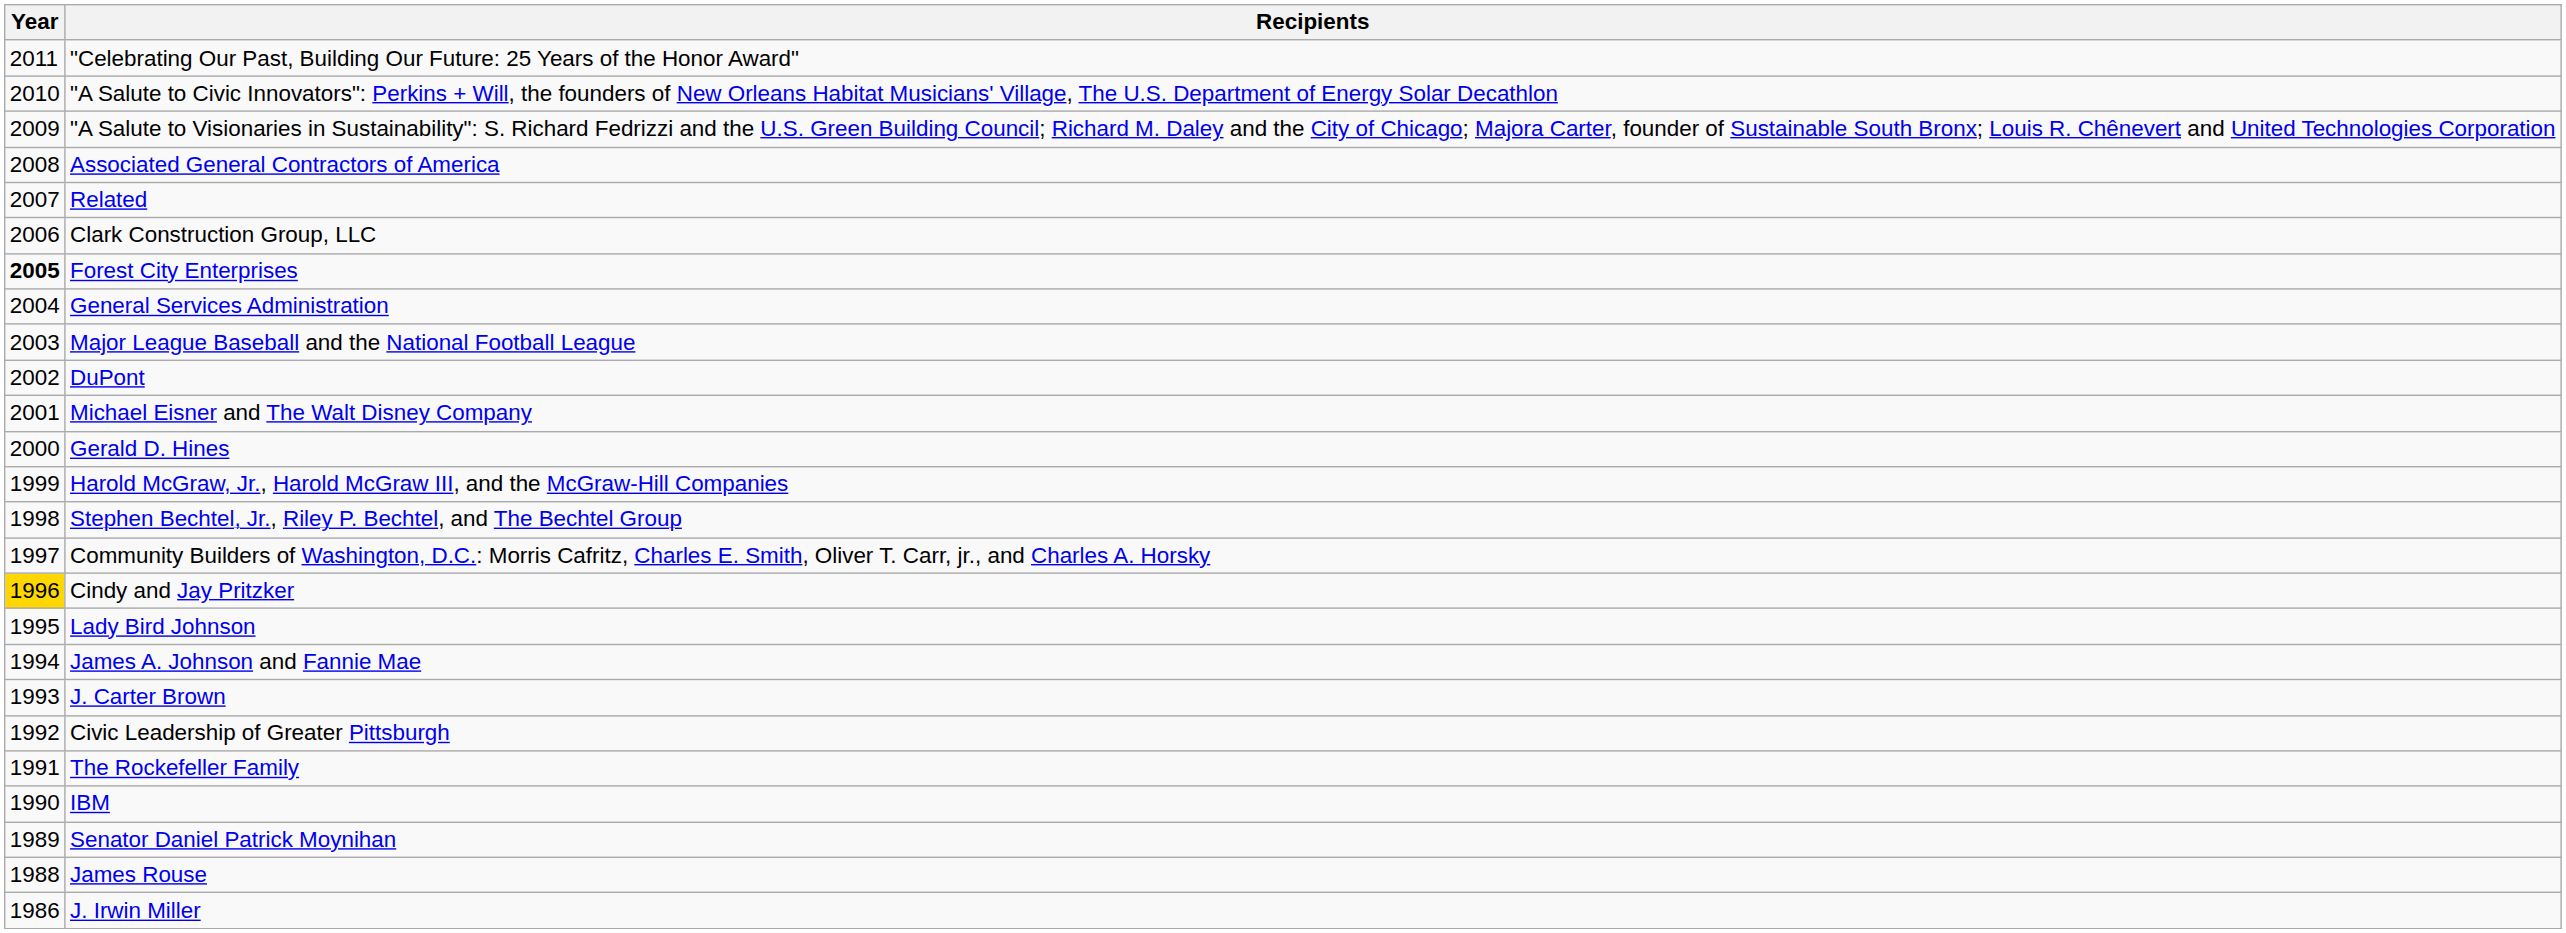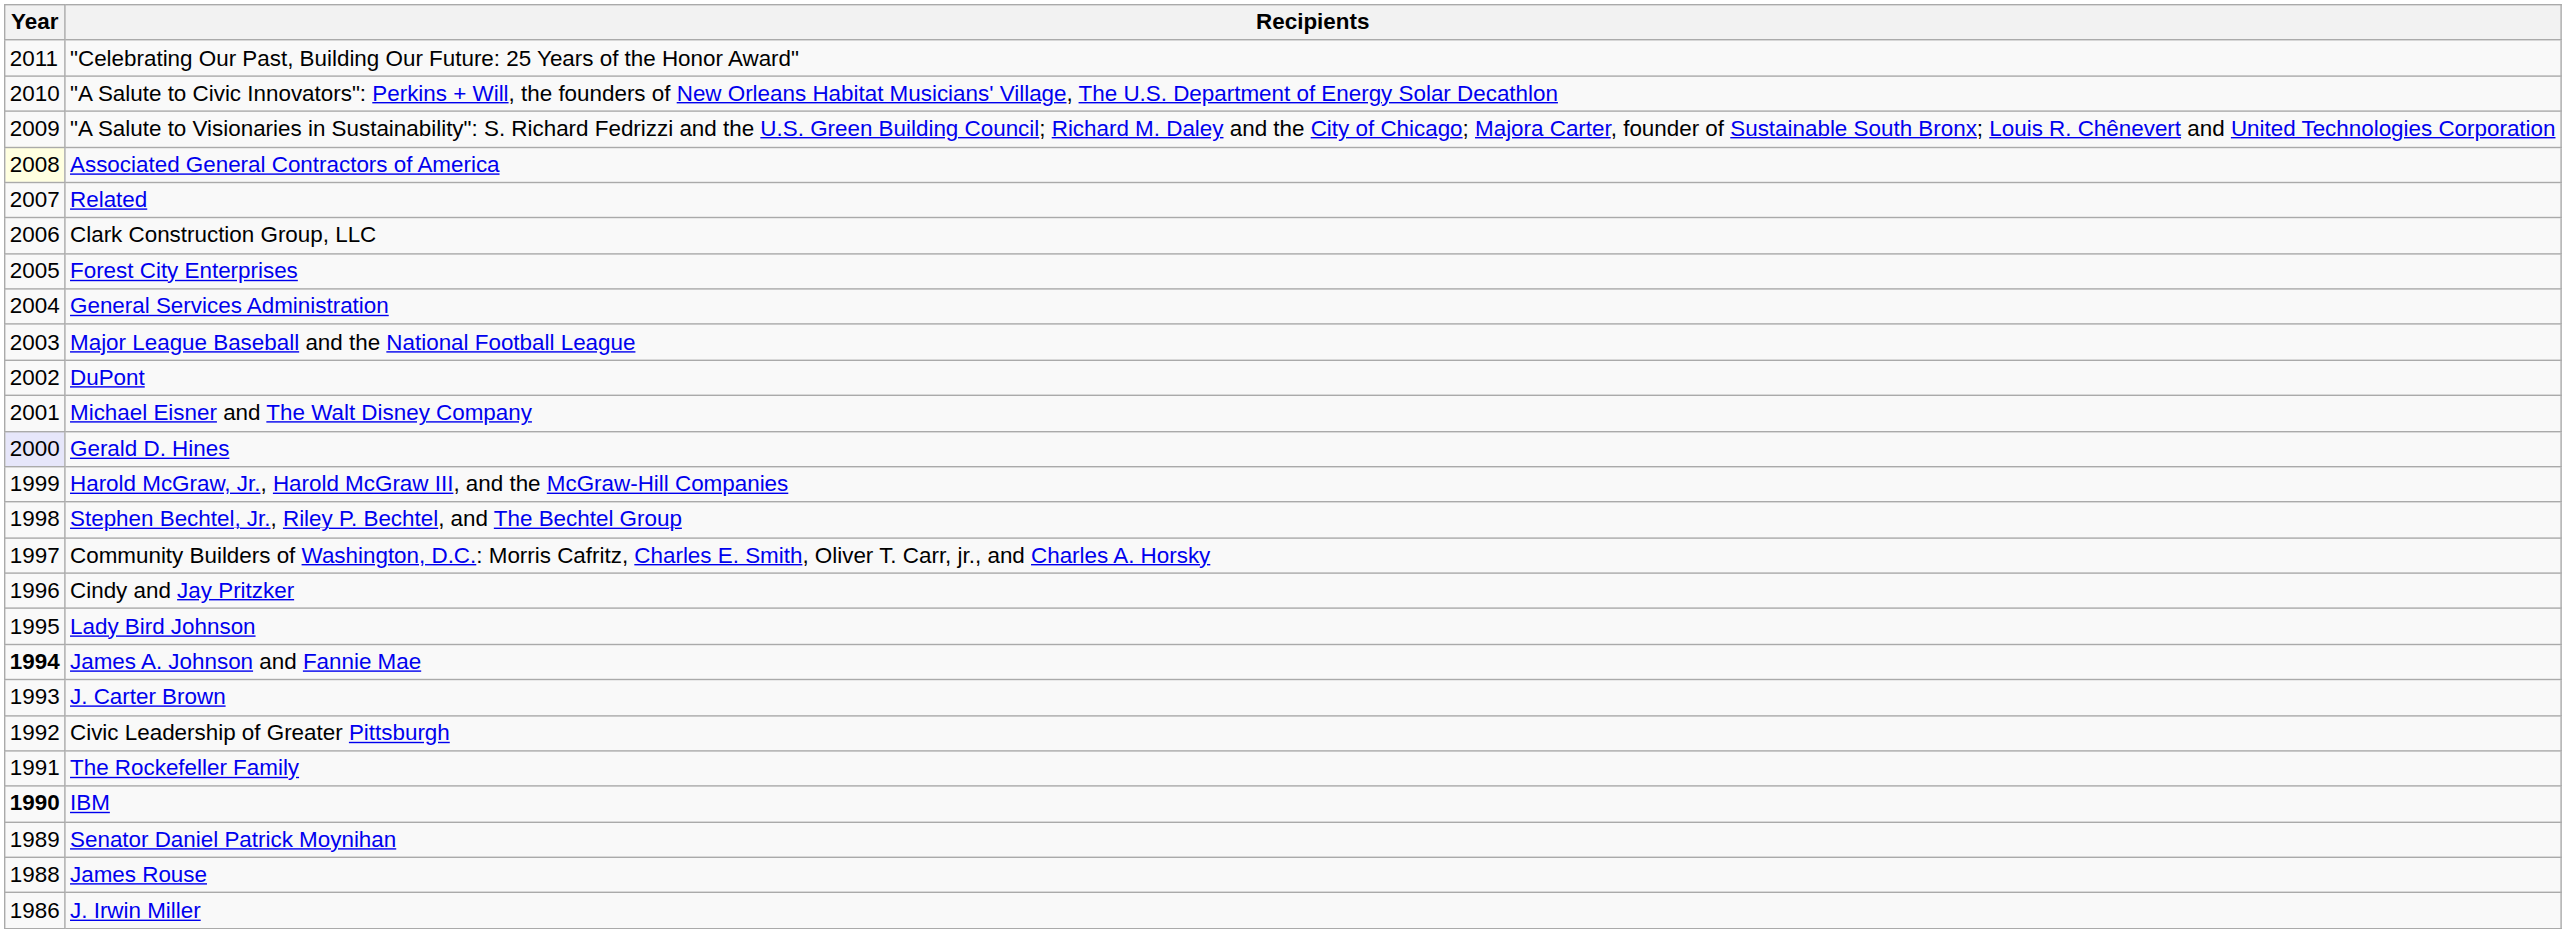 <table class="wikitable sortable">
 <tr>
 <th>Year</th>
 <th>Recipients</th>
 </tr>
 <tr>
 <td>2011</td>
 <td>"Celebrating Our Past, Building Our Future: 25 Years of the Honor Award"</td>
 </tr>
 <tr>
 <td>2010</td>
 <td>"A Salute to Civic Innovators": <a href='#'>Perkins + Will</a>, the founders of <a href='#'>New Orleans Habitat Musicians' Village</a>, <a href='#'>The U.S. Department of Energy Solar Decathlon</a></td>
 </tr>
 <tr>
 <td>2009</td>
 <td>"A Salute to Visionaries in Sustainability": S. Richard Fedrizzi and the <a href='#'>U.S. Green Building Council</a>; <a href='#'>Richard M. Daley</a> and the <a href='#'>City of Chicago</a>; <a href='#'>Majora Carter</a>, founder of <a href='#'>Sustainable South Bronx</a>; <a href='#'>Louis R. Chênevert</a> and <a href='#'>United Technologies Corporation</a></td>
 </tr>
 <tr>
-<td>2008</td>
+<td style="background: lightyellow;">2008</td>
 <td><a href='#'>Associated General Contractors of America</a></td>
 </tr>
 <tr>
 <td>2007</td>
 <td><a href='#'>Related</a></td>
 </tr>
 <tr>
 <td>2006</td>
 <td>Clark Construction Group, LLC</td>
 </tr>
 <tr>
-<td><strong>2005</strong></td>
+<td>2005</td>
 <td><a href='#'>Forest City Enterprises</a></td>
 </tr>
 <tr>
 <td>2004</td>
 <td><a href='#'>General Services Administration</a></td>
 </tr>
 <tr>
 <td>2003</td>
 <td><a href='#'>Major League Baseball</a> and the <a href='#'>National Football League</a></td>
 </tr>
 <tr>
 <td>2002</td>
 <td><a href='#'>DuPont</a></td>
 </tr>
 <tr>
 <td>2001</td>
 <td><a href='#'>Michael Eisner</a> and <a href='#'>The Walt Disney Company</a></td>
 </tr>
 <tr>
-<td>2000</td>
+<td style="background: lavender;">2000</td>
 <td><a href='#'>Gerald D. Hines</a></td>
 </tr>
 <tr>
 <td>1999</td>
 <td><a href='#'>Harold McGraw, Jr.</a>, <a href='#'>Harold McGraw III</a>, and the <a href='#'>McGraw-Hill Companies</a></td>
 </tr>
 <tr>
 <td>1998</td>
 <td><a href='#'>Stephen Bechtel, Jr.</a>, <a href='#'>Riley P. Bechtel</a>, and <a href='#'>The Bechtel Group</a></td>
 </tr>
 <tr>
 <td>1997</td>
 <td>Community Builders of <a href='#'>Washington, D.C.</a>: Morris Cafritz, <a href='#'>Charles E. Smith</a>, Oliver T. Carr, jr., and <a href='#'>Charles A. Horsky</a></td>
 </tr>
 <tr>
-<td style="background: gold;">1996</td>
+<td>1996</td>
 <td>Cindy and <a href='#'>Jay Pritzker</a></td>
 </tr>
 <tr>
 <td>1995</td>
 <td><a href='#'>Lady Bird Johnson</a></td>
 </tr>
 <tr>
-<td>1994</td>
+<td><strong>1994</strong></td>
 <td><a href='#'>James A. Johnson</a> and <a href='#'>Fannie Mae</a></td>
 </tr>
 <tr>
 <td>1993</td>
 <td><a href='#'>J. Carter Brown</a></td>
 </tr>
 <tr>
 <td>1992</td>
 <td>Civic Leadership of Greater <a href='#'>Pittsburgh</a></td>
 </tr>
 <tr>
 <td>1991</td>
 <td><a href='#'>The Rockefeller Family</a></td>
 </tr>
 <tr>
-<td>1990</td>
+<td><strong>1990</strong></td>
 <td><a href='#'>IBM</a></td>
 </tr>
 <tr>
 <td>1989</td>
 <td><a href='#'>Senator Daniel Patrick Moynihan</a></td>
 </tr>
 <tr>
 <td>1988</td>
 <td><a href='#'>James Rouse</a></td>
 </tr>
 <tr>
 <td>1986</td>
 <td><a href='#'>J. Irwin Miller</a></td>
 </tr>
 </table>
